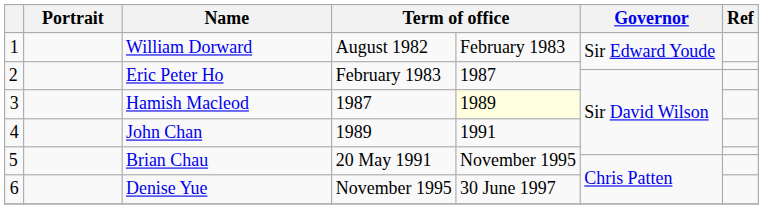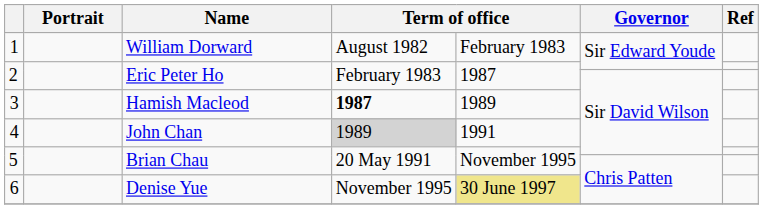 <table class="wikitable"  style="text-align:left">
 <tr>
 <th width=10px></th>
 <th width=80px>Portrait</th>
 <th width=180px>Name</th>
 <th width=180px colspan=2>Term of office</th>
 <th width=120px><a href='#'>Governor</a></th>
 <th>Ref</th>
 </tr>
 <tr>
 <td align=center>1</td>
 <td></td>
 <td><a href='#'>William Dorward</a><br></td>
 <td>August 1982</td>
 <td>February 1983</td>
 <td rowspan="2">Sir <a href='#'>Edward Youde</a><br></td>
 <td></td>
 </tr>
 <tr>
 <td rowspan="2">2</td>
 <td rowspan="2"></td>
 <td rowspan="2"><a href='#'>Eric Peter Ho</a><br></td>
 <td rowspan="2">February 1983</td>
 <td rowspan="2">1987</td>
 <td></td>
 </tr>
 <tr>
 <td rowspan="4">Sir <a href='#'>David Wilson</a><br></td>
 <td></td>
 </tr>
 <tr>
 <td align=center>3</td>
 <td></td>
 <td><a href='#'>Hamish Macleod</a><br></td>
-<td>1987</td>
-<td style="background: lightyellow;">1989</td>
+<td><strong>1987</strong></td>
+<td>1989</td>
 <td></td>
 </tr>
 <tr>
 <td align=center>4</td>
 <td></td>
 <td><a href='#'>John Chan</a><br></td>
-<td>1989</td>
+<td style="background: lightgrey;">1989</td>
 <td>1991</td>
 <td></td>
 </tr>
 <tr>
 <td rowspan="2">5</td>
 <td rowspan="2"></td>
 <td rowspan="2"><a href='#'>Brian Chau</a><br></td>
 <td rowspan="2">20 May 1991</td>
 <td rowspan="2">November 1995</td>
 <td></td>
 </tr>
 <tr>
 <td rowspan="2"><a href='#'>Chris Patten</a><br></td>
 <td></td>
 </tr>
 <tr>
 <td align=center>6</td>
 <td></td>
 <td><a href='#'>Denise Yue</a><br></td>
 <td>November 1995</td>
-<td>30 June 1997</td>
+<td style="background: khaki;">30 June 1997</td>
 <td></td>
 </tr>
 <tr>
 </tr>
 </table>
